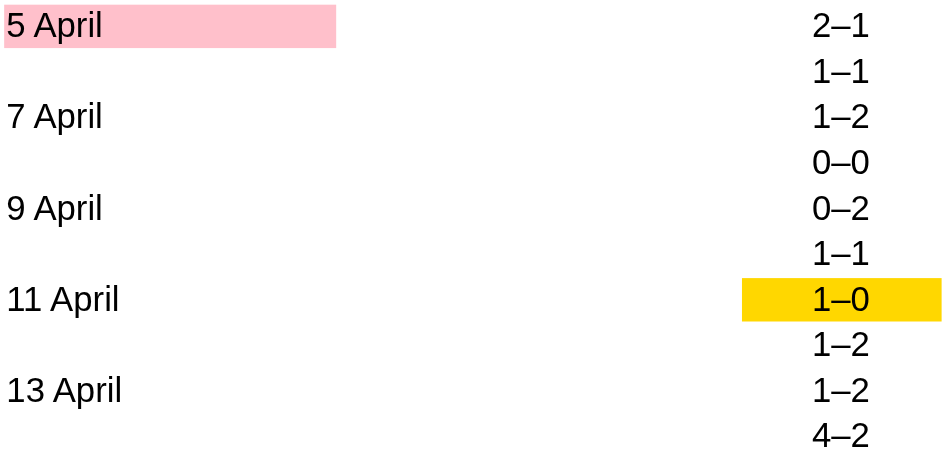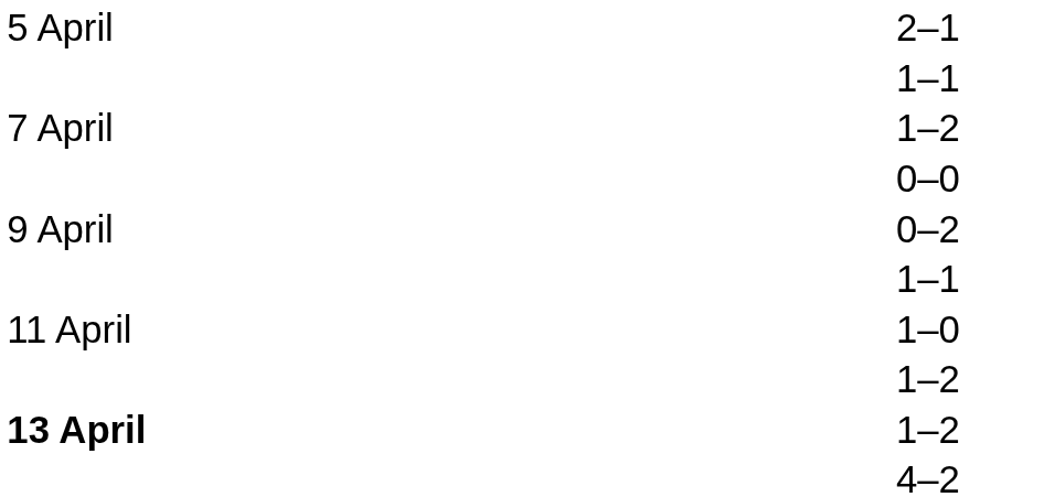 <table cellspacing=1 width=70%>
 <tr>
 <th width=25%></th>
 <th width=30%></th>
 <th width=15%></th>
 <th width=30%></th>
 </tr>
 <tr>
-<td style="background: pink;">5 April</td>
+<td>5 April</td>
 <td align=right></td>
 <td align=center>2–1</td>
 <td></td>
 </tr>
 <tr>
 <td></td>
 <td align=right></td>
 <td align=center>1–1</td>
 <td></td>
 </tr>
 <tr>
 <td>7 April</td>
 <td align=right></td>
 <td align=center>1–2</td>
 <td></td>
 </tr>
 <tr>
 <td></td>
 <td align=right></td>
 <td align=center>0–0</td>
 <td></td>
 </tr>
 <tr>
 <td>9 April</td>
 <td align=right></td>
 <td align=center>0–2</td>
 <td></td>
 </tr>
 <tr>
 <td></td>
 <td align=right></td>
 <td align=center>1–1</td>
 <td></td>
 </tr>
 <tr>
 <td>11 April</td>
 <td align=right></td>
-<td align=center style="background: gold;">1–0</td>
+<td align=center>1–0</td>
 <td></td>
 </tr>
 <tr>
 <td></td>
 <td align=right></td>
 <td align=center>1–2</td>
 <td></td>
 </tr>
 <tr>
-<td>13 April</td>
+<td><strong>13 April</strong></td>
 <td align=right></td>
 <td align=center>1–2</td>
 <td></td>
 </tr>
 <tr>
 <td></td>
 <td align=right></td>
 <td align=center>4–2</td>
 <td></td>
 </tr>
 </table>
